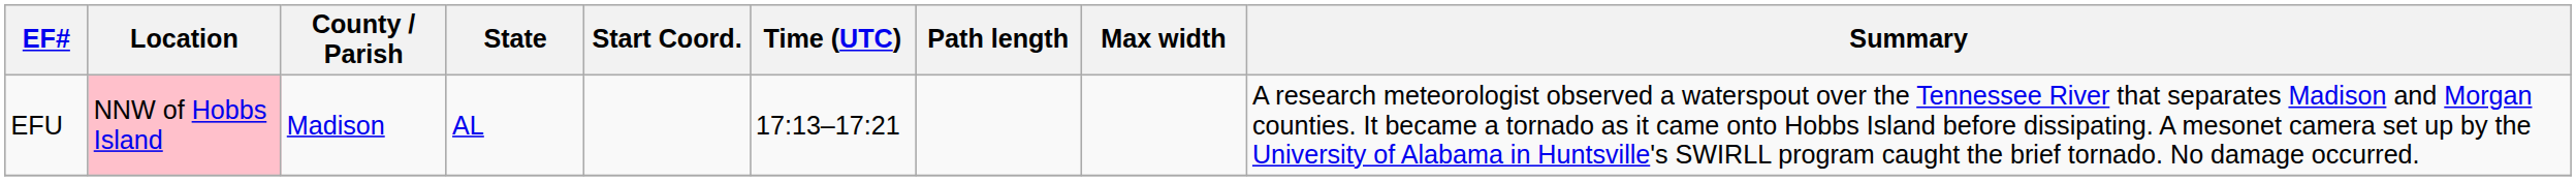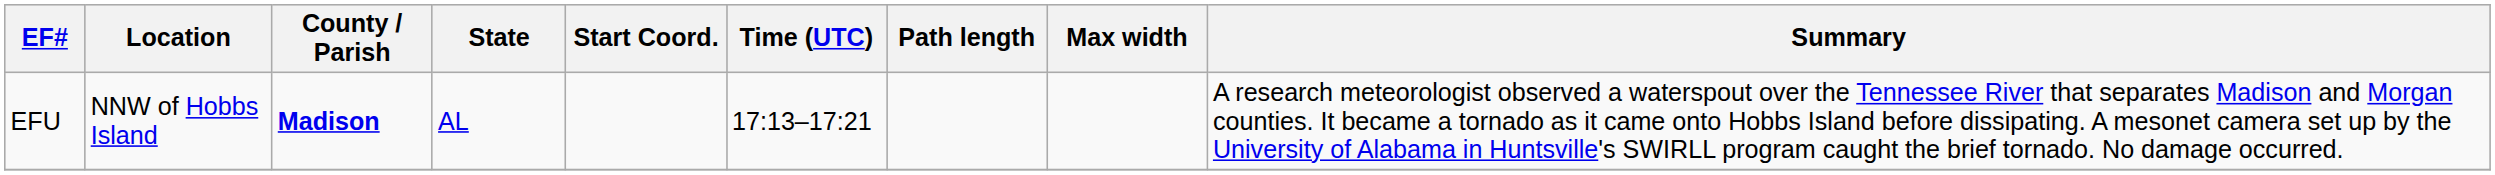 <table class="wikitable sortable" style="width:100%;">
 <tr>
 <th scope="col"  style="width:3%; text-align:center;"><a href='#'>EF#</a></th>
 <th scope="col"  style="width:7%; text-align:center;" class="unsortable">Location</th>
 <th scope="col"  style="width:6%; text-align:center;" class="unsortable">County / Parish</th>
 <th scope="col"  style="width:5%; text-align:center;">State</th>
 <th scope="col"  style="width:6%; text-align:center;">Start Coord.</th>
 <th scope="col"  style="width:6%; text-align:center;">Time (<a href='#'>UTC</a>)</th>
 <th scope="col"  style="width:6%; text-align:center;">Path length</th>
 <th scope="col"  style="width:6%; text-align:center;">Max width</th>
 <th scope="col" class="unsortable" style="width:48%; text-align:center;">Summary</th>
 </tr>
 <tr>
 <td>EFU</td>
-<td style="background: pink;">NNW of <a href='#'>Hobbs Island</a></td>
-<td><a href='#'>Madison</a></td>
+<td>NNW of <a href='#'>Hobbs Island</a></td>
+<td><strong><a href='#'>Madison</a></strong></td>
 <td><a href='#'>AL</a></td>
 <td></td>
 <td>17:13–17:21</td>
 <td></td>
 <td></td>
 <td>A research meteorologist observed a waterspout over the <a href='#'>Tennessee River</a> that separates <a href='#'>Madison</a> and <a href='#'>Morgan</a> counties. It became a tornado as it came onto Hobbs Island before dissipating. A mesonet camera set up by the <a href='#'>University of Alabama in Huntsville</a>'s SWIRLL program caught the brief tornado. No damage occurred.</td>
 </tr>
 <tr>
 </tr>
 </table>
